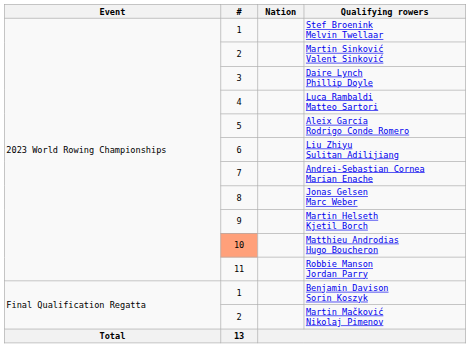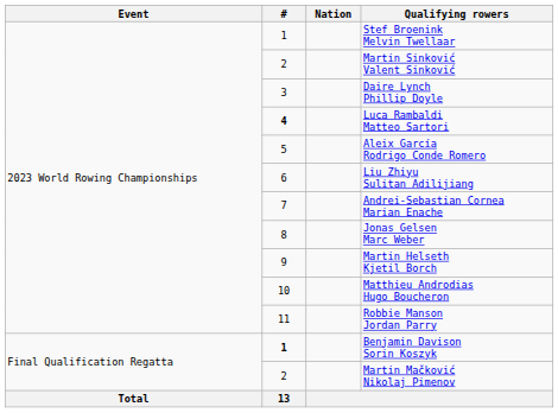 <table class="wikitable"  style="width:700px; text-align:center;">
 <tr>
 <th>Event</th>
 <th width=50>#</th>
 <th>Nation</th>
 <th>Qualifying rowers</th>
 </tr>
 <tr>
 <td rowspan=11 align=left>2023 World Rowing Championships</td>
 <td>1</td>
 <td align=left></td>
 <td align=left><a href='#'>Stef Broenink</a><br><a href='#'>Melvin Twellaar</a></td>
 </tr>
 <tr>
 <td>2</td>
 <td align=left></td>
 <td align=left><a href='#'>Martin Sinković</a><br><a href='#'>Valent Sinković</a></td>
 </tr>
 <tr>
 <td>3</td>
 <td align=left></td>
 <td align=left><a href='#'>Daire Lynch</a><br><a href='#'>Phillip Doyle</a></td>
 </tr>
 <tr>
-<td>4</td>
+<td><strong>4</strong></td>
 <td align=left></td>
 <td align=left><a href='#'>Luca Rambaldi</a><br><a href='#'>Matteo Sartori</a></td>
 </tr>
 <tr>
 <td>5</td>
 <td align=left></td>
 <td align=left><a href='#'>Aleix García</a><br><a href='#'>Rodrigo Conde Romero</a></td>
 </tr>
 <tr>
 <td>6</td>
 <td align=left></td>
 <td align=left><a href='#'>Liu Zhiyu</a><br><a href='#'>Sulitan Adilijiang</a></td>
 </tr>
 <tr>
 <td>7</td>
 <td align=left></td>
 <td align=left><a href='#'>Andrei-Sebastian Cornea</a><br><a href='#'>Marian Enache</a></td>
 </tr>
 <tr>
 <td>8</td>
 <td align=left></td>
 <td align=left><a href='#'>Jonas Gelsen</a><br><a href='#'>Marc Weber</a></td>
 </tr>
 <tr>
 <td>9</td>
 <td align=left></td>
 <td align=left><a href='#'>Martin Helseth</a><br><a href='#'>Kjetil Borch</a></td>
 </tr>
 <tr>
-<td style="background: lightsalmon;">10</td>
+<td>10</td>
 <td align=left></td>
 <td align=left><a href='#'>Matthieu Androdias</a><br><a href='#'>Hugo Boucheron</a></td>
 </tr>
 <tr>
 <td>11</td>
 <td align=left></td>
 <td align=left><a href='#'>Robbie Manson</a><br><a href='#'>Jordan Parry</a></td>
 </tr>
 <tr>
 <td rowspan=2 align=left>Final Qualification Regatta</td>
-<td>1</td>
+<td><strong>1</strong></td>
 <td align=left></td>
 <td align=left><a href='#'>Benjamin Davison</a><br><a href='#'>Sorin Koszyk</a></td>
 </tr>
 <tr>
 <td>2</td>
 <td align=left></td>
 <td align=left><a href='#'>Martin Mačković</a><br><a href='#'>Nikolaj Pimenov</a></td>
 </tr>
 <tr>
 <th>Total</th>
 <th>13</th>
 <th colspan=2></th>
 </tr>
 </table>
